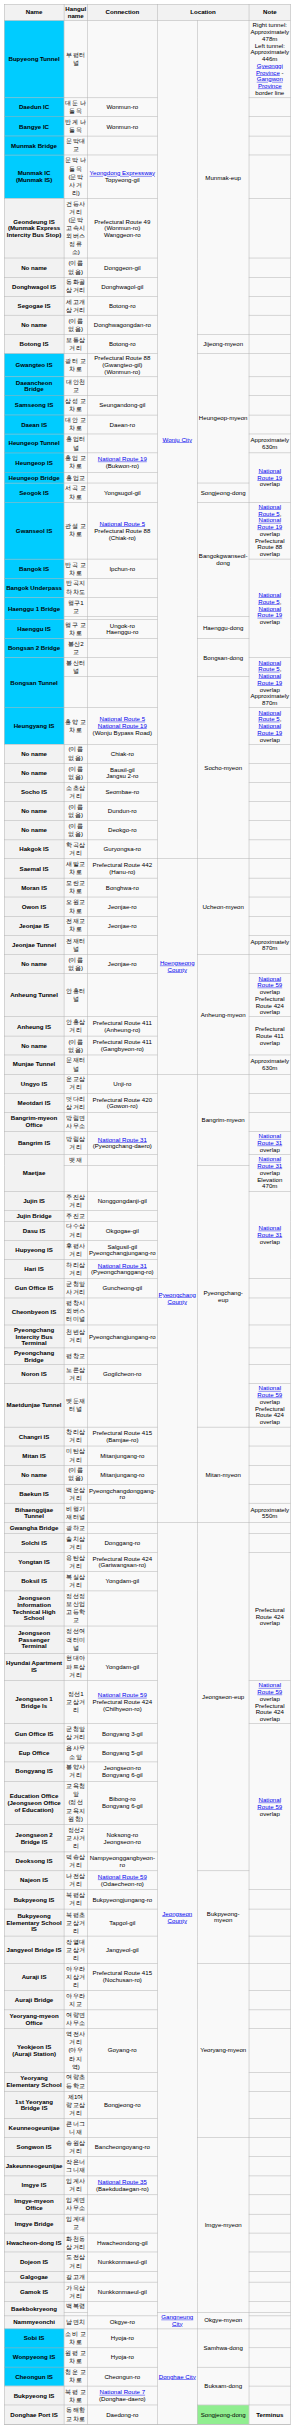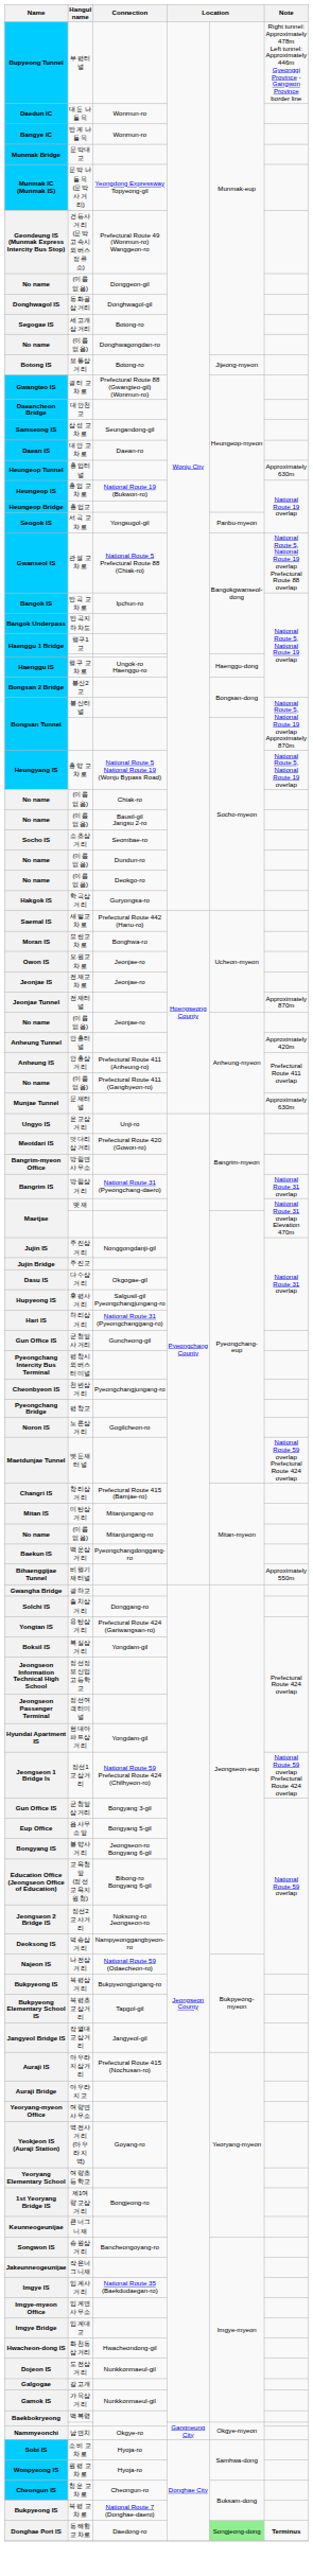 <table class="wikitable" style="font-size: 85%; text-align: center;">
 <tr>
 <th>Name </th>
 <th>Hangul name</th>
 <th>Connection</th>
 <th colspan="2">Location</th>
 <th>Note</th>
 </tr>
 <tr>
 <th style="background-color: #00CCFF;">Bupyeong Tunnel</th>
 <td>부평터널</td>
 <td></td>
 <td rowspan=35><a href='#'>Wonju City</a></td>
 <td rowspan=10>Munmak-eup</td>
 <td>Right tunnel: Approximately 478m<br>Left tunnel: Approximately 446m<br><a href='#'>Gyeonggi Province</a> - <a href='#'>Gangwon Province</a> border line</td>
 </tr>
 <tr>
 <th style="background-color: #00CCFF;">Daedun IC</th>
 <td>대둔 나들목</td>
 <td>Wonmun-ro</td>
 <td></td>
 </tr>
 <tr>
 <th style="background-color: #00CCFF;">Bangye IC</th>
 <td>반계 나들목</td>
 <td>Wonmun-ro</td>
 <td></td>
 </tr>
 <tr>
 <th style="background-color: #00CCFF;">Munmak Bridge</th>
 <td>문막대교</td>
 <td></td>
 <td></td>
 </tr>
 <tr>
 <th style="background-color: #00CCFF;">Munmak IC<br>(Munmak IS)</th>
 <td>문막 나들목<br>(문막사거리)</td>
 <td><a href='#'>Yeongdong Expressway</a><br>Topyeong-gil</td>
 <td></td>
 </tr>
 <tr>
 <th>Geondeung IS<br>(Munmak Express Intercity Bus Stop)</th>
 <td>건등사거리<br>(문막고속시외버스정류소)</td>
 <td>Prefectural Route 49<br>(Wonmun-ro)<br>Wanggeon-ro</td>
 <td></td>
 </tr>
 <tr>
 <th>No name</th>
 <td>(이름 없음)</td>
 <td>Donggeon-gil</td>
 <td></td>
 </tr>
 <tr>
 <th>Donghwagol IS</th>
 <td>동화골삼거리</td>
 <td>Donghwagol-gil</td>
 <td></td>
 </tr>
 <tr>
 <th>Segogae IS</th>
 <td>세고개삼거리</td>
 <td>Botong-ro</td>
 <td></td>
 </tr>
 <tr>
 <th>No name</th>
 <td>(이름 없음)</td>
 <td>Donghwagongdan-ro</td>
 <td></td>
 </tr>
 <tr>
 <th>Botong IS</th>
 <td>보통삼거리</td>
 <td>Botong-ro</td>
 <td>Jijeong-myeon</td>
 <td></td>
 </tr>
 <tr>
 <th style="background-color: #00CCFF;">Gwangteo IS</th>
 <td>광터 교차로</td>
 <td>Prefectural Route 88<br>(Gwangteo-gil)<br>(Wonmun-ro)</td>
 <td rowspan=7>Heungeop-myeon</td>
 <td></td>
 </tr>
 <tr>
 <th style="background-color: #00CCFF;">Daeancheon Bridge</th>
 <td>대안천교</td>
 <td></td>
 <td></td>
 </tr>
 <tr>
 <th style="background-color: #00CCFF;">Samseong IS</th>
 <td>삼성 교차로</td>
 <td>Seungandong-gil</td>
 <td></td>
 </tr>
 <tr>
 <th style="background-color: #00CCFF;">Daean IS</th>
 <td>대안 교차로</td>
 <td>Daean-ro</td>
 <td></td>
 </tr>
 <tr>
 <th style="background-color: #00CCFF;">Heungeop Tunnel</th>
 <td>흥업터널</td>
 <td></td>
 <td>Approximately 630m</td>
 </tr>
 <tr>
 <th style="background-color: #00CCFF;">Heungeop IS</th>
 <td>흥업 교차로</td>
 <td><a href='#'>National Route 19</a><br>(Bukwon-ro)</td>
 <td rowspan=3><a href='#'>National Route 19</a> overlap</td>
 </tr>
 <tr>
 <th style="background-color: #00CCFF;">Heungeop Bridge</th>
 <td>흥업교</td>
 <td></td>
 </tr>
 <tr>
 <th style="background-color: #00CCFF;">Seogok IS</th>
 <td>서곡 교차로</td>
 <td>Yongsugol-gil</td>
-<td>Songjeong-dong</td>
+<td>Panbu-myeon</td>
 </tr>
 <tr>
 <th style="background-color: #00CCFF;">Gwanseol IS</th>
 <td>관설 교차로</td>
 <td><a href='#'>National Route 5</a><br>Prefectural Route 88<br>(Chiak-ro)</td>
 <td rowspan=4>Bangokgwanseol-dong</td>
 <td><a href='#'>National Route 5</a>, <a href='#'>National Route 19</a> overlap<br>Prefectural Route 88 overlap</td>
 </tr>
 <tr>
 <th style="background-color: #00CCFF;">Bangok IS</th>
 <td>반곡 교차로</td>
 <td>Ipchun-ro</td>
 <td rowspan=6><a href='#'>National Route 5</a>, <a href='#'>National Route 19</a> overlap</td>
 </tr>
 <tr>
 <th style="background-color: #00CCFF;">Bangok Underpass</th>
 <td>반곡지하차도</td>
 <td></td>
 </tr>
 <tr>
 <th rowspan=2 style="background-color: #00CCFF;">Haenggu 1 Bridge</th>
 <td>행구1교</td>
 <td></td>
 </tr>
 <tr>
 <td></td>
 <td></td>
 <td rowspan=2>Haenggu-dong</td>
 </tr>
 <tr>
 <th style="background-color: #00CCFF;">Haenggu IS</th>
 <td>행구 교차로</td>
 <td>Ungok-ro<br>Haenggu-ro</td>
 </tr>
 <tr>
 <th style="background-color: #00CCFF;">Bongsan 2 Bridge</th>
 <td>봉산2교</td>
 <td></td>
 <td rowspan=2>Bongsan-dong</td>
 </tr>
 <tr>
 <th rowspan=2 style="background-color: #00CCFF;">Bongsan Tunnel</th>
 <td>봉산터널</td>
 <td></td>
 <td rowspan=2><a href='#'>National Route 5</a>, <a href='#'>National Route 19</a> overlap<br>Approximately 870m</td>
 </tr>
 <tr>
 <td></td>
 <td></td>
 <td rowspan=8>Socho-myeon</td>
 </tr>
 <tr>
 <th style="background-color: #00CCFF;">Heungyang IS</th>
 <td>흥양 교차로</td>
 <td><a href='#'>National Route 5</a><br><a href='#'>National Route 19</a><br>(Wonju Bypass Road)</td>
 <td><a href='#'>National Route 5</a>, <a href='#'>National Route 19</a> overlap</td>
 </tr>
 <tr>
 <th>No name</th>
 <td>(이름 없음)</td>
 <td>Chiak-ro</td>
 <td></td>
 </tr>
 <tr>
 <th>No name</th>
 <td>(이름 없음)</td>
 <td>Bausil-gil<br>Jangsu 2-ro</td>
 <td></td>
 </tr>
 <tr>
 <th>Socho IS</th>
 <td>소초삼거리</td>
 <td>Seombae-ro</td>
 <td></td>
 </tr>
 <tr>
 <th>No name</th>
 <td>(이름 없음)</td>
 <td>Dundun-ro</td>
 <td></td>
 </tr>
 <tr>
 <th>No name</th>
 <td>(이름 없음)</td>
 <td>Deokgo-ro</td>
 <td></td>
 </tr>
 <tr>
 <th>Hakgok IS</th>
 <td>학곡삼거리</td>
 <td>Guryongsa-ro</td>
 <td></td>
 </tr>
 <tr>
 <th>Saemal IS</th>
 <td>새말교차로</td>
 <td>Prefectural Route 442<br>(Hanu-ro)</td>
 <td rowspan=10><a href='#'>Hoengseong County</a></td>
 <td rowspan=5>Ucheon-myeon</td>
 <td></td>
 </tr>
 <tr>
 <th>Moran IS</th>
 <td>모란교차로</td>
 <td>Bonghwa-ro</td>
 <td></td>
 </tr>
 <tr>
 <th>Owon IS</th>
 <td>오원교차로</td>
 <td>Jeonjae-ro</td>
 <td></td>
 </tr>
 <tr>
 <th>Jeonjae IS</th>
 <td>전재교차로</td>
 <td>Jeonjae-ro</td>
 <td></td>
 </tr>
 <tr>
 <th>Jeonjae Tunnel</th>
 <td>전재터널</td>
 <td></td>
 <td>Approximately 870m</td>
 </tr>
 <tr>
 <th>No name</th>
 <td>(이름 없음)</td>
 <td>Jeonjae-ro</td>
 <td rowspan=5>Anheung-myeon</td>
 <td></td>
 </tr>
 <tr>
 <th>Anheung Tunnel</th>
 <td>안흥터널</td>
 <td></td>
-<td><a href='#'>National Route 59</a> overlap<br>Prefectural Route 424 overlap</td>
+<td>Approximately 420m</td>
 </tr>
 <tr>
 <th>Anheung IS</th>
 <td>안흥삼거리</td>
 <td>Prefectural Route 411<br>(Anheung-ro)</td>
 <td rowspan=2>Prefectural Route 411 overlap</td>
 </tr>
 <tr>
 <th>No name</th>
 <td>(이름 없음)</td>
 <td>Prefectural Route 411<br>(Gangbyeon-ro)</td>
 </tr>
 <tr>
 <th>Munjae Tunnel</th>
 <td>문재터널</td>
 <td></td>
 <td>Approximately 630m</td>
 </tr>
 <tr>
 <th>Ungyo IS</th>
 <td>운교삼거리</td>
 <td>Unji-ro</td>
 <td rowspan=22><a href='#'>Pyeongchang County</a></td>
 <td rowspan=5>Bangrim-myeon</td>
 <td></td>
 </tr>
 <tr>
 <th>Meotdari IS</th>
 <td>멋다리삼거리</td>
 <td>Prefectural Route 420<br>(Gowon-ro)</td>
 <td></td>
 </tr>
 <tr>
 <th>Bangrim-myeon Office</th>
 <td>방림면사무소</td>
 <td></td>
 <td></td>
 </tr>
 <tr>
 <th>Bangrim IS</th>
 <td>방림삼거리</td>
 <td><a href='#'>National Route 31</a><br>(Pyeongchang-daero)</td>
 <td><a href='#'>National Route 31</a> overlap</td>
 </tr>
 <tr>
 <th rowspan=2>Maetjae</th>
 <td>뱃재</td>
 <td></td>
 <td rowspan=2><a href='#'>National Route 31</a> overlap<br>Elevation 470m</td>
 </tr>
 <tr>
 <td></td>
 <td></td>
 <td rowspan=12>Pyeongchang-eup</td>
 </tr>
 <tr>
 <th>Jujin IS</th>
 <td>주진삼거리</td>
 <td>Nonggongdanji-gil</td>
 <td rowspan=5><a href='#'>National Route 31</a> overlap</td>
 </tr>
 <tr>
 <th>Jujin Bridge</th>
 <td>주진교</td>
 <td></td>
 </tr>
 <tr>
 <th>Dasu IS</th>
 <td>다수삼거리</td>
 <td>Okgogae-gil</td>
 </tr>
 <tr>
 <th>Hupyeong IS</th>
 <td>후평사거리</td>
 <td>Salgusil-gil<br>Pyeongchangjungang-ro</td>
 </tr>
 <tr>
 <th>Hari IS</th>
 <td>하리삼거리</td>
 <td><a href='#'>National Route 31</a><br>(Pyeongchanggang-ro)</td>
 </tr>
 <tr>
 <th>Gun Office IS</th>
 <td>군청앞사거리</td>
 <td>Guncheong-gil</td>
 <td></td>
 </tr>
 <tr>
-<th>Cheonbyeon IS</th>
+<th>Pyeongchang Intercity Bus Terminal</th>
 <td>평창시외버스터미널</td>
 <td></td>
 <td></td>
 </tr>
 <tr>
-<th>Pyeongchang Intercity Bus Terminal</th>
+<th>Cheonbyeon IS</th>
 <td>천변삼거리</td>
 <td>Pyeongchangjungang-ro</td>
 <td></td>
 </tr>
 <tr>
 <th>Pyeongchang Bridge</th>
 <td>평창교</td>
 <td></td>
 <td></td>
 </tr>
 <tr>
 <th>Noron IS</th>
 <td>노론삼거리</td>
 <td>Gogilcheon-ro</td>
 <td></td>
 </tr>
 <tr>
 <th>Maetdunjae Tunnel</th>
 <td>맷둔재터널</td>
 <td></td>
 <td><a href='#'>National Route 59</a> overlap<br>Prefectural Route 424 overlap</td>
 </tr>
 <tr>
 <th>Changri IS</th>
 <td>창리삼거리</td>
 <td>Prefectural Route 415<br>(Bamjae-ro)</td>
 <td rowspan=5>Mitan-myeon</td>
 <td></td>
 </tr>
 <tr>
 <th>Mitan IS</th>
 <td>미탄삼거리</td>
 <td>Mitanjungang-ro</td>
 <td></td>
 </tr>
 <tr>
 <th>No name</th>
 <td>(이름 없음)</td>
 <td>Mitanjungang-ro</td>
 <td></td>
 </tr>
 <tr>
 <th>Baekun IS</th>
 <td>백운삼거리</td>
 <td>Pyeongchangdonggang-ro</td>
 <td></td>
 </tr>
 <tr>
 <th>Bihaenggijae Tunnel</th>
 <td>비행기재터널</td>
 <td></td>
 <td>Approximately 550m</td>
 </tr>
 <tr>
 <th>Gwangha Bridge</th>
 <td>광하교</td>
 <td></td>
 <td rowspan=35><a href='#'>Jeongseon County</a></td>
 <td rowspan=14>Jeongseon-eup</td>
 <td></td>
 </tr>
 <tr>
 <th>Solchi IS</th>
 <td>솔치삼거리</td>
 <td>Donggang-ro</td>
 <td></td>
 </tr>
 <tr>
 <th>Yongtan IS</th>
 <td>용탄삼거리</td>
 <td>Prefectural Route 424<br>(Gariwangsan-ro)</td>
 <td rowspan=5>Prefectural Route 424 overlap</td>
 </tr>
 <tr>
 <th>Boksil IS</th>
 <td>복실삼거리</td>
 <td>Yongdam-gil</td>
 </tr>
 <tr>
 <th>Jeongseon Information Technical High School</th>
 <td>정선정보산업고등학교</td>
 <td></td>
 </tr>
 <tr>
 <th>Jeongseon Passenger Terminal</th>
 <td>정선여객터미널</td>
 <td></td>
 </tr>
 <tr>
 <th>Hyundai Apartment IS</th>
 <td>현대아파트삼거리</td>
 <td>Yongdam-gil</td>
 </tr>
 <tr>
 <th>Jeongseon 1 Bridge Is</th>
 <td>정선1교삼거리</td>
 <td><a href='#'>National Route 59</a><br>Prefectural Route 424<br>(Chilhyeon-ro)</td>
 <td><a href='#'>National Route 59</a> overlap<br>Prefectural Route 424 overlap</td>
 </tr>
 <tr>
 <th>Gun Office IS</th>
 <td>군청앞삼거리</td>
 <td>Bongyang 3-gil</td>
 <td rowspan=7><a href='#'>National Route 59</a> overlap</td>
 </tr>
 <tr>
 <th>Eup Office</th>
 <td>읍사무소앞</td>
 <td>Bongyang 5-gil</td>
 </tr>
 <tr>
 <th>Bongyang IS</th>
 <td>봉양사거리</td>
 <td>Jeongseon-ro<br>Bongyang 6-gil</td>
 </tr>
 <tr>
 <th>Education Office<br>(Jeongseon Office of Education)</th>
 <td>교육청앞<br>(정선교육지원청)</td>
 <td>Bibong-ro<br>Bongyang 6-gil</td>
 </tr>
 <tr>
 <th>Jeongseon 2 Bridge IS</th>
 <td>정선2교사거리</td>
 <td>Noksong-ro<br>Jeongseon-ro</td>
 </tr>
 <tr>
 <th>Deoksong IS</th>
 <td>덕송삼거리</td>
 <td>Nampyeonggangbyeon-ro</td>
 </tr>
 <tr>
 <th>Najeon IS</th>
 <td>나전삼거리</td>
 <td><a href='#'>National Route 59</a><br>(Odaecheon-ro)</td>
 <td rowspan=4>Bukpyeong-myeon</td>
 </tr>
 <tr>
 <th>Bukpyeong IS</th>
 <td>북평삼거리</td>
 <td>Bukpyeongjungang-ro</td>
 <td></td>
 </tr>
 <tr>
 <th>Bukpyeong Elementary School IS</th>
 <td>북평초교삼거리</td>
 <td>Tapgol-gil</td>
 <td></td>
 </tr>
 <tr>
 <th>Jangyeol Bridge IS</th>
 <td>장열대교삼거리</td>
 <td>Jangyeol-gil</td>
 <td></td>
 </tr>
 <tr>
 <th>Auraji IS</th>
 <td>아우라지삼거리</td>
 <td>Prefectural Route 415<br>(Nochusan-ro)</td>
 <td rowspan=7>Yeoryang-myeon</td>
 <td></td>
 </tr>
 <tr>
 <th>Auraji Bridge</th>
 <td>아우라지교</td>
 <td></td>
 <td></td>
 </tr>
 <tr>
 <th>Yeoryang-myeon Office</th>
 <td>여량면사무소</td>
 <td></td>
 <td></td>
 </tr>
 <tr>
 <th>Yeokjeon IS<br>(Auraji Station)</th>
 <td>역전사거리<br>(아우라지역)</td>
 <td>Goyang-ro</td>
 <td></td>
 </tr>
 <tr>
 <th>Yeoryang Elementary School</th>
 <td>여량초등학교</td>
 <td></td>
 <td></td>
 </tr>
 <tr>
 <th>1st Yeoryang Bridge IS</th>
 <td>제1여량교삼거리</td>
 <td>Bongjeong-ro</td>
 <td></td>
 </tr>
 <tr>
 <th>Keunneogeunijae</th>
 <td>큰너그니재</td>
 <td></td>
 <td></td>
 </tr>
 <tr>
 <th>Songwon IS</th>
 <td>송원삼거리</td>
 <td>Bancheongoyang-ro</td>
 <td rowspan=10>Imgye-myeon</td>
 <td></td>
 </tr>
 <tr>
 <th>Jakeunneogeunijae</th>
 <td>작은너그니재</td>
 <td></td>
 <td></td>
 </tr>
 <tr>
 <th>Imgye IS</th>
 <td>임계사거리</td>
 <td><a href='#'>National Route 35</a><br>(Baekdudaegan-ro)</td>
 <td></td>
 </tr>
 <tr>
 <th>Imgye-myeon Office</th>
 <td>임계면사무소</td>
 <td></td>
 <td></td>
 </tr>
 <tr>
 <th>Imgye Bridge</th>
 <td>임계대교</td>
 <td></td>
 <td></td>
 </tr>
 <tr>
 <th>Hwacheon-dong IS</th>
 <td>화천동삼거리</td>
 <td>Hwacheondong-gil</td>
 <td></td>
 </tr>
 <tr>
 <th>Dojeon IS</th>
 <td>도전삼거리</td>
 <td>Nunkkonmaeul-gil</td>
 <td></td>
 </tr>
 <tr>
 <th>Galgogae</th>
 <td>갈고개</td>
 <td></td>
 <td></td>
 </tr>
 <tr>
 <th>Gamok IS</th>
 <td>가목삼거리</td>
 <td>Nunkkonmaeul-gil</td>
 <td></td>
 </tr>
 <tr>
 <th rowspan=2>Baekbokryeong</th>
 <td>백복령</td>
 <td rowspan=2></td>
 <td></td>
 </tr>
 <tr>
 <td></td>
 <td rowspan=2><a href='#'>Gangneung City</a></td>
 <td rowspan=2>Okgye-myeon</td>
 <td></td>
 </tr>
 <tr>
 <th>Nammyeonchi</th>
 <td>남면치</td>
 <td>Okgye-ro</td>
 <td></td>
 </tr>
 <tr>
 <th style="background-color: #00CCFF;">Sobi IS</th>
 <td>소비 교차로</td>
 <td>Hyoja-ro</td>
 <td rowspan=5><a href='#'>Donghae City</a></td>
 <td rowspan=2>Samhwa-dong</td>
 <td></td>
 </tr>
 <tr>
 <th style="background-color: #00CCFF;">Wonpyeong IS</th>
 <td>원평 교차로</td>
 <td>Hyoja-ro</td>
 <td></td>
 </tr>
 <tr>
 <th style="background-color: #00CCFF;">Cheongun IS</th>
 <td>청운 교차로</td>
 <td>Cheongun-ro</td>
 <td rowspan=2>Buksam-dong</td>
 <td></td>
 </tr>
 <tr>
 <th>Bukpyeong IS</th>
 <td>북평 교차로</td>
 <td><a href='#'>National Route 7</a><br>(Donghae-daero)</td>
 <td></td>
 </tr>
 <tr>
 <th>Donghae Port IS</th>
 <td>동해항교차로</td>
 <td>Daedong-ro</td>
 <td style="background: lightgreen;">Songjeong-dong</td>
 <td><strong>Terminus</strong></td>
 </tr>
 <tr>
 </tr>
 </table>
